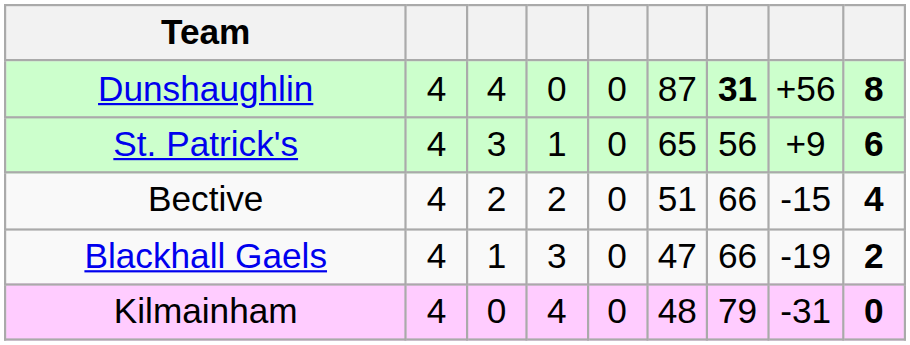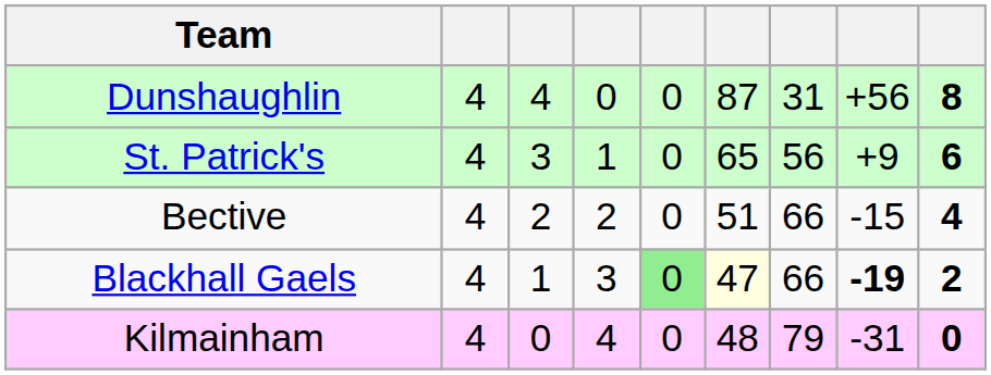 <table class="wikitable" style="text-align:center">
 <tr>
 <th style="width:175px;">Team</th>
 <th width="20"></th>
 <th width="20"></th>
 <th width="20"></th>
 <th width="20"></th>
 <th width="20"></th>
 <th width="20"></th>
 <th width="20"></th>
 <th width="20"></th>
 </tr>
 <tr style="background:#cfc;">
 <td><a href='#'>Dunshaughlin</a></td>
 <td>4</td>
 <td>4</td>
 <td>0</td>
 <td>0</td>
 <td>87</td>
-<td><strong>31</strong></td>
+<td>31</td>
 <td>+56</td>
 <td><strong>8</strong></td>
 </tr>
 <tr style="background:#cfc;">
 <td><a href='#'>St. Patrick's</a></td>
 <td>4</td>
 <td>3</td>
 <td>1</td>
 <td>0</td>
 <td>65</td>
 <td>56</td>
 <td>+9</td>
 <td><strong>6</strong></td>
 </tr>
 <tr>
 <td>Bective</td>
 <td>4</td>
 <td>2</td>
 <td>2</td>
 <td>0</td>
 <td>51</td>
 <td>66</td>
 <td>-15</td>
 <td><strong>4</strong></td>
 </tr>
 <tr>
 <td><a href='#'>Blackhall Gaels</a></td>
 <td>4</td>
 <td>1</td>
 <td>3</td>
-<td>0</td>
-<td>47</td>
+<td style="background: lightgreen;">0</td>
+<td style="background: lightyellow;">47</td>
 <td>66</td>
-<td>-19</td>
+<td><strong>-19</strong></td>
 <td><strong>2</strong></td>
 </tr>
 <tr style="background:#fcf;">
 <td>Kilmainham</td>
 <td>4</td>
 <td>0</td>
 <td>4</td>
 <td>0</td>
 <td>48</td>
 <td>79</td>
 <td>-31</td>
 <td><strong>0</strong></td>
 </tr>
 </table>
